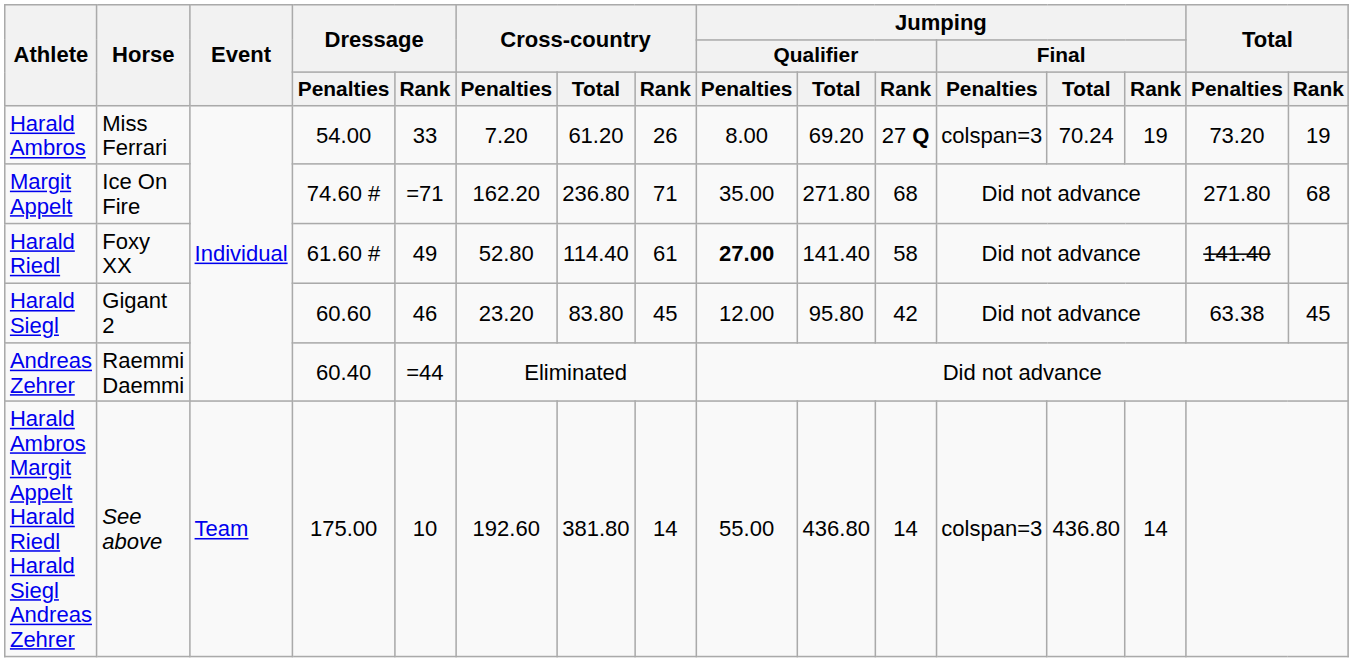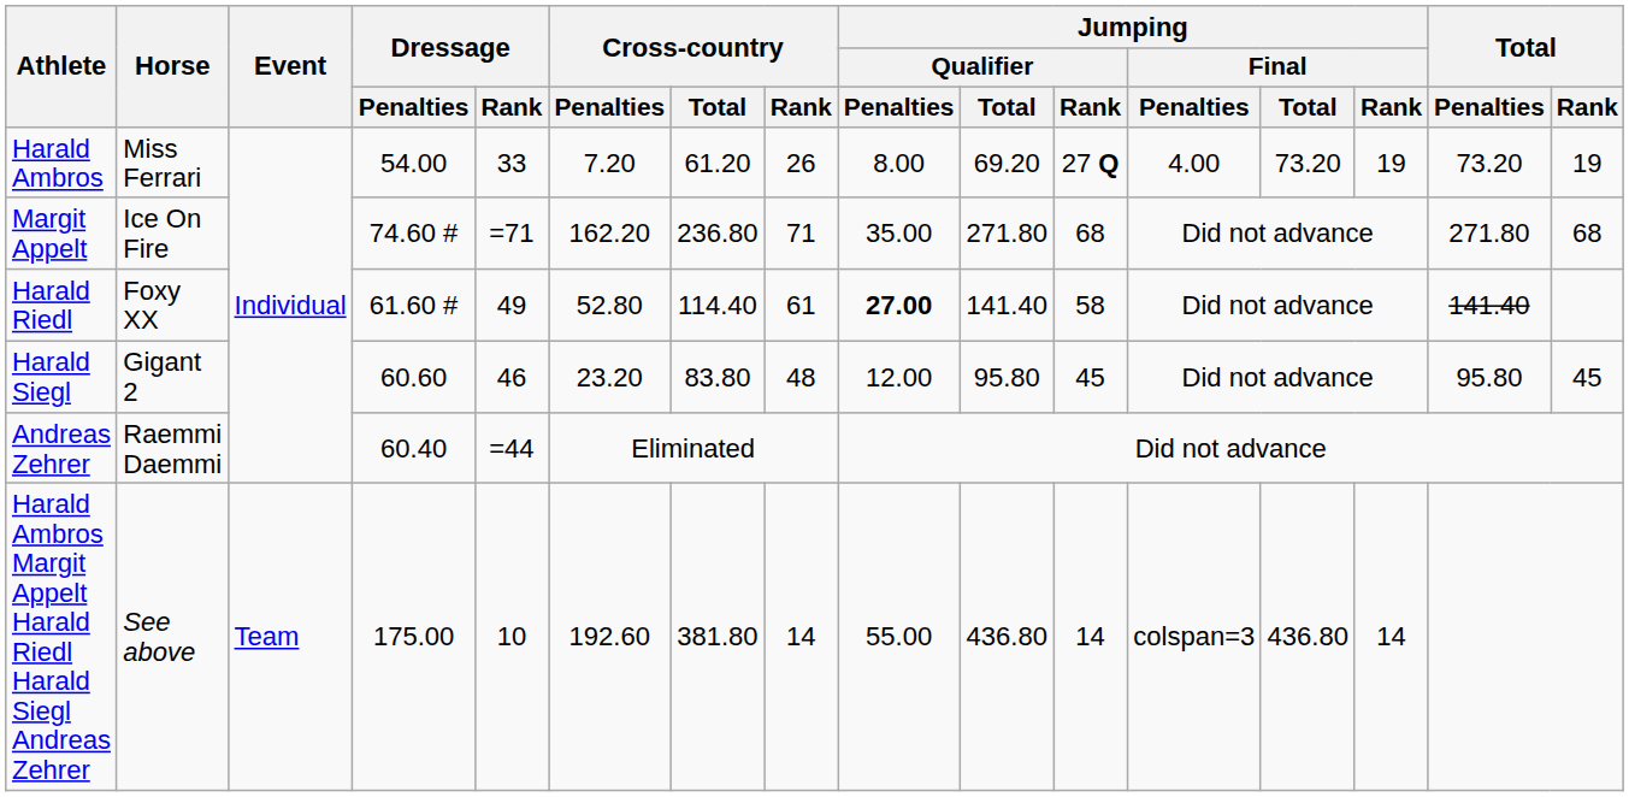 <table class=wikitable style="font-size:90%">
 <tr>
 <th rowspan="3">Athlete</th>
 <th rowspan="3">Horse</th>
 <th rowspan="3">Event</th>
 <th colspan="2" rowspan="2">Dressage</th>
 <th colspan="3" rowspan="2">Cross-country</th>
 <th colspan="6">Jumping</th>
 <th colspan="2" rowspan="2">Total</th>
 </tr>
 <tr style="font-size:95%">
 <th colspan="3">Qualifier</th>
 <th colspan="3">Final</th>
 </tr>
 <tr style="font-size:95%">
 <th>Penalties</th>
 <th>Rank</th>
 <th>Penalties</th>
 <th>Total</th>
 <th>Rank</th>
 <th>Penalties</th>
 <th>Total</th>
 <th>Rank</th>
 <th>Penalties</th>
 <th>Total</th>
 <th>Rank</th>
 <th>Penalties</th>
 <th>Rank</th>
 </tr>
 <tr align=center>
 <td align=left><a href='#'>Harald Ambros</a></td>
 <td align=left>Miss Ferrari</td>
 <td align=left rowspan=5><a href='#'>Individual</a></td>
 <td>54.00</td>
 <td>33</td>
 <td>7.20</td>
 <td>61.20</td>
 <td>26</td>
 <td>8.00</td>
 <td>69.20</td>
 <td>27 <strong>Q</strong></td>
-<td>colspan=3 </td>
-<td>70.24</td>
+<td>4.00</td>
+<td>73.20</td>
 <td>19</td>
 <td>73.20</td>
 <td>19</td>
 </tr>
 <tr align=center>
 <td align=left><a href='#'>Margit Appelt</a></td>
 <td align=left>Ice On Fire</td>
 <td>74.60 #</td>
 <td>=71</td>
 <td>162.20</td>
 <td>236.80</td>
 <td>71</td>
 <td>35.00</td>
 <td>271.80</td>
 <td>68</td>
 <td colspan=3>Did not advance</td>
 <td>271.80</td>
 <td>68</td>
 </tr>
 <tr align=center>
 <td align=left><a href='#'>Harald Riedl</a></td>
 <td align=left>Foxy XX</td>
 <td>61.60 #</td>
 <td>49</td>
 <td>52.80</td>
 <td>114.40</td>
 <td>61</td>
 <td><strong>27.00</strong></td>
 <td>141.40</td>
 <td>58</td>
 <td colspan=3>Did not advance</td>
 <td><s>141.40</s></td>
 <td></td>
 </tr>
 <tr align=center>
 <td align=left><a href='#'>Harald Siegl</a></td>
 <td align=left>Gigant 2</td>
 <td>60.60</td>
 <td>46</td>
 <td>23.20</td>
 <td>83.80</td>
-<td>45</td>
+<td>48</td>
 <td>12.00</td>
 <td>95.80</td>
-<td>42</td>
+<td>45</td>
 <td colspan=3>Did not advance</td>
-<td>63.38</td>
+<td>95.80</td>
 <td>45</td>
 </tr>
 <tr align=center>
 <td align=left><a href='#'>Andreas Zehrer</a></td>
 <td align=left>Raemmi Daemmi</td>
 <td>60.40</td>
 <td>=44</td>
 <td colspan=3>Eliminated</td>
 <td colspan=8>Did not advance</td>
 </tr>
 <tr align=center>
 <td align=left><a href='#'>Harald Ambros</a><br><a href='#'>Margit Appelt</a><br><a href='#'>Harald Riedl</a><br><a href='#'>Harald Siegl</a><br><a href='#'>Andreas Zehrer</a></td>
 <td align=left><em>See above</em></td>
 <td align=left><a href='#'>Team</a></td>
 <td>175.00</td>
 <td>10</td>
 <td>192.60</td>
 <td>381.80</td>
 <td>14</td>
 <td>55.00</td>
 <td>436.80</td>
 <td>14</td>
 <td>colspan=3 </td>
 <td>436.80</td>
 <td>14</td>
 </tr>
 </table>
